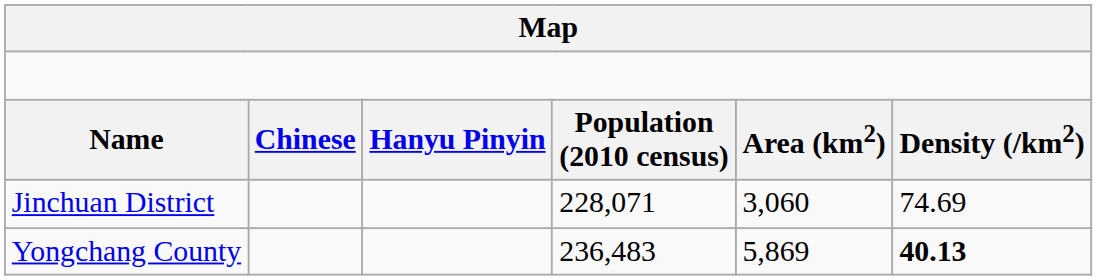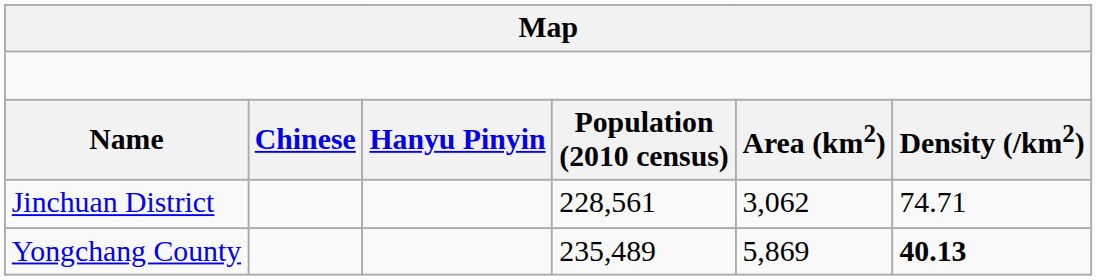 <table class="wikitable">
 <tr>
 <th colspan="7">Map</th>
 </tr>
 <tr>
 <td colspan="7"><div><br>     </div></td>
 </tr>
 <tr>
 <th>Name</th>
 <th><a href='#'>Chinese</a></th>
 <th><a href='#'>Hanyu Pinyin</a></th>
 <th>Population<br>(2010 census)</th>
 <th>Area (km<sup>2</sup>)</th>
 <th>Density (/km<sup>2</sup>)</th>
 </tr>
 <tr --------->
 <td><a href='#'>Jinchuan District</a></td>
 <td></td>
 <td></td>
-<td>228,071</td>
-<td>3,060</td>
-<td>74.69</td>
+<td>228,561</td>
+<td>3,062</td>
+<td>74.71</td>
 </tr>
 <tr --------->
 <td><a href='#'>Yongchang County</a></td>
 <td></td>
 <td></td>
-<td>236,483</td>
+<td>235,489</td>
 <td>5,869</td>
 <td><strong>40.13</strong></td>
 </tr>
 </table>
